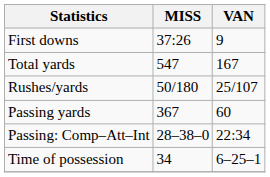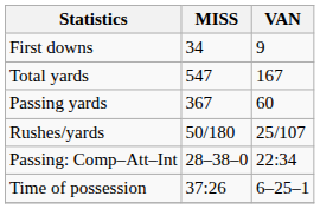 <table class="wikitable" style="float: left;">
 <tr>
 <th>Statistics</th>
 <th>MISS</th>
 <th>VAN</th>
 </tr>
 <tr>
 <td>First downs</td>
-<td>37:26</td>
+<td>34</td>
 <td>9</td>
 </tr>
 <tr>
 <td>Total yards</td>
 <td>547</td>
 <td>167</td>
 </tr>
 <tr>
+<td>Passing yards</td>
+<td>367</td>
+<td>60</td>
+</tr>
+<tr>
 <td>Rushes/yards</td>
 <td>50/180</td>
 <td>25/107</td>
-</tr>
-<tr>
-<td>Passing yards</td>
-<td>367</td>
-<td>60</td>
 </tr>
 <tr>
 <td>Passing: Comp–Att–Int</td>
 <td>28–38–0</td>
 <td>22:34</td>
 </tr>
 <tr>
 <td>Time of possession</td>
-<td>34</td>
+<td>37:26</td>
 <td>6–25–1</td>
 </tr>
 <tr>
 </tr>
 </table>
